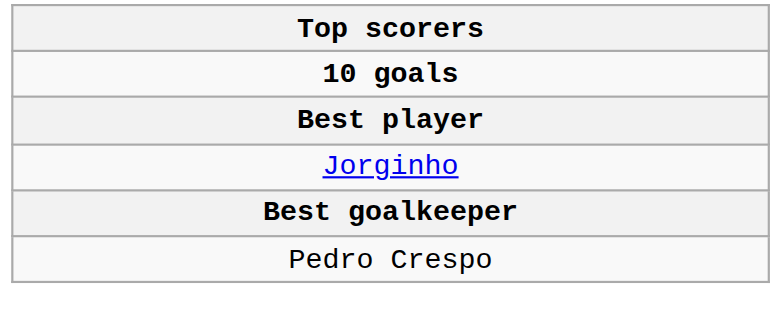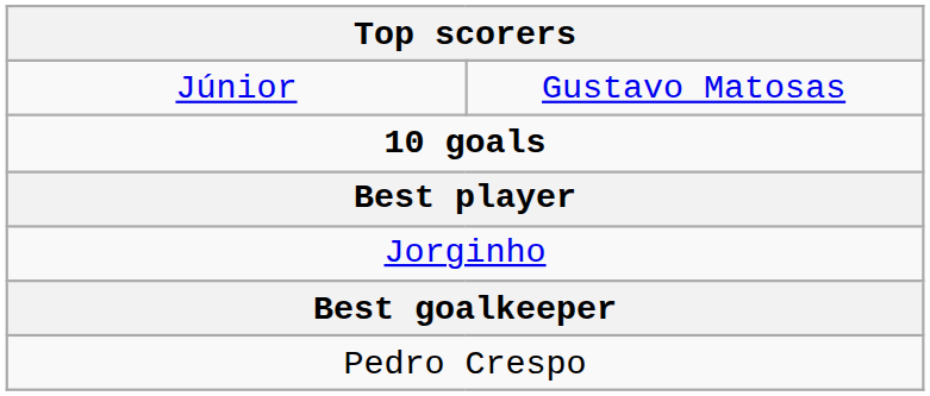 <table class="wikitable" style="margin: 1em auto 1em auto;">
 <tr>
 <th width=340 colspan=2>Top scorers</th>
+</tr>
+<tr align=center style="background:">
+<td style="text-align:center;" width=170> <a href='#'>Júnior</a></td>
+<td style="text-align:center;" width=170> <a href='#'>Gustavo Matosas</a></td>
 </tr>
 <tr>
 <td style="text-align:center;" colspan=2><strong>10 goals</strong></td>
 </tr>
 <tr>
 <th colspan=2>Best player</th>
 </tr>
 <tr>
 <td style="text-align:center;" colspan=2>  <a href='#'>Jorginho</a></td>
 </tr>
 <tr>
 <th colspan=2>Best goalkeeper</th>
 </tr>
 <tr>
 <td style="text-align:center;" colspan=2> Pedro Crespo</td>
 </tr>
 </table>
